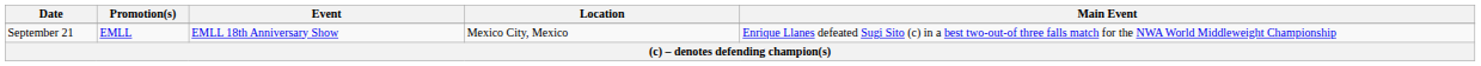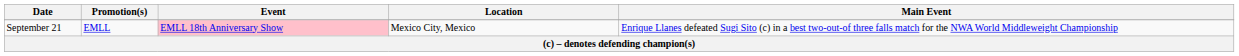 <table class="wikitable" style="width:100%;">
 <tr>
 <th width=5%>Date</th>
 <th width=5%>Promotion(s)</th>
 <th style="width:15%;">Event</th>
 <th style="width:15%;">Location</th>
 <th style="width:40%;">Main Event</th>
 </tr>
 <tr style="width:20%;"| Notes>
 </tr>
 <tr>
 <td>September 21</td>
 <td><a href='#'>EMLL</a></td>
-<td><a href='#'>EMLL 18th Anniversary Show</a></td>
+<td style="background: pink;"><a href='#'>EMLL 18th Anniversary Show</a></td>
 <td>Mexico City, Mexico</td>
 <td><a href='#'>Enrique Llanes</a> defeated <a href='#'>Sugi Sito</a> (c) in a <a href='#'>best two-out-of three falls match</a> for the <a href='#'>NWA World Middleweight Championship</a></td>
 </tr>
 <tr>
 <th colspan="5">(c) – denotes defending champion(s)</th>
 </tr>
 </table>
